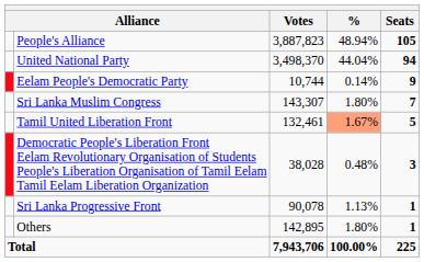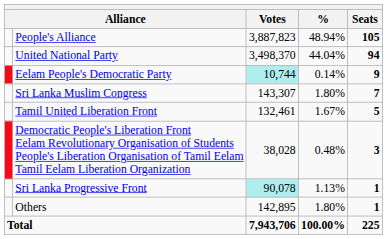 <table class="wikitable" border="1" style="text-align:right;">
 <tr>
 <th colspan="8"></th>
 </tr>
 <tr>
 <th colspan=2>Alliance</th>
 <th width="60">Votes</th>
 <th width="50">%</th>
 <th width="40">Seats</th>
 </tr>
 <tr>
 <td bgcolor=> </td>
 <td align=left><a href='#'>People's Alliance</a></td>
 <td>3,887,823</td>
 <td>48.94%</td>
 <td><strong>105</strong></td>
 </tr>
 <tr>
 <td bgcolor=> </td>
 <td align=left><a href='#'>United National Party</a></td>
 <td>3,498,370</td>
 <td>44.04%</td>
 <td><strong>94</strong></td>
 </tr>
 <tr>
 <td bgcolor=#F90818> </td>
 <td align=left><a href='#'>Eelam People's Democratic Party</a></td>
-<td>10,744</td>
+<td style="background: paleturquoise;">10,744</td>
 <td>0.14%</td>
 <td><strong>9</strong></td>
 </tr>
 <tr>
 <td bgcolor=> </td>
 <td align=left><a href='#'>Sri Lanka Muslim Congress</a></td>
 <td>143,307</td>
 <td>1.80%</td>
 <td><strong>7</strong></td>
 </tr>
 <tr>
 <td bgcolor=> </td>
 <td align=left><a href='#'>Tamil United Liberation Front</a></td>
 <td>132,461</td>
-<td style="background: lightsalmon;">1.67%</td>
+<td>1.67%</td>
 <td><strong>5</strong></td>
 </tr>
 <tr>
 <td bgcolor=#F90818> </td>
 <td align=left><a href='#'>Democratic People's Liberation Front</a><br><a href='#'>Eelam Revolutionary Organisation of Students</a><br><a href='#'>People's Liberation Organisation of Tamil Eelam</a><br><a href='#'>Tamil Eelam Liberation Organization</a></td>
 <td>38,028</td>
 <td>0.48%</td>
 <td><strong>3</strong></td>
 </tr>
 <tr>
 <td bgcolor=> </td>
 <td align=left><a href='#'>Sri Lanka Progressive Front</a></td>
-<td>90,078</td>
+<td style="background: paleturquoise;">90,078</td>
 <td>1.13%</td>
 <td><strong>1</strong></td>
 </tr>
 <tr>
 <td></td>
 <td align=left>Others</td>
 <td>142,895</td>
 <td>1.80%</td>
 <td><strong>1</strong></td>
 </tr>
 <tr>
 <td colspan=2 align=left><strong>Total</strong></td>
 <td><strong>7,943,706</strong></td>
 <td><strong>100.00%</strong></td>
 <td><strong>225</strong></td>
 </tr>
 </table>
